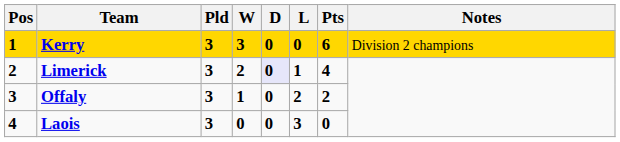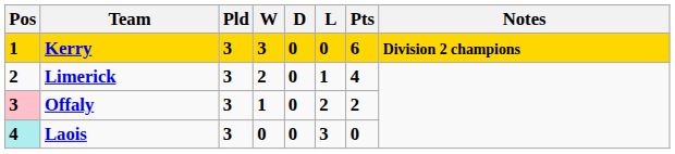 <table class="wikitable" style="text-align: centre;">
 <tr>
 <th width=20>Pos</th>
 <th width=150>Team</th>
 <th width=20>Pld</th>
 <th width=20>W</th>
 <th width=20>D</th>
 <th width=20>L</th>
 <th width=20>Pts</th>
 <th width=250>Notes</th>
 </tr>
 <tr style="background:gold;">
 <td><strong>1</strong></td>
 <td align=left><strong> <a href='#'>Kerry</a> </strong></td>
 <td><strong>3</strong></td>
 <td><strong>3</strong></td>
 <td><strong>0</strong></td>
 <td><strong>0</strong></td>
 <td><strong>6</strong></td>
-<td><small> Division 2 champions</small></td>
+<td><strong><small> Division 2 champions</small></strong></td>
 </tr>
 <tr style>
 <td><strong>2</strong></td>
 <td align=left><strong> <a href='#'>Limerick</a> </strong></td>
 <td><strong>3</strong></td>
 <td><strong>2</strong></td>
-<td style="background: lavender;"><strong>0</strong></td>
+<td><strong>0</strong></td>
 <td><strong>1</strong></td>
 <td><strong>4</strong></td>
 </tr>
 <tr>
-<td><strong>3</strong></td>
+<td style="background: pink;"><strong>3</strong></td>
 <td align=left><strong> <a href='#'>Offaly</a> </strong></td>
 <td><strong>3</strong></td>
 <td><strong>1</strong></td>
 <td><strong>0</strong></td>
 <td><strong>2</strong></td>
 <td><strong>2</strong></td>
 </tr>
 <tr style>
-<td><strong>4</strong></td>
+<td style="background: paleturquoise;"><strong>4</strong></td>
 <td align=left><strong> <a href='#'>Laois</a> </strong></td>
 <td><strong>3</strong></td>
 <td><strong>0</strong></td>
 <td><strong>0</strong></td>
 <td><strong>3</strong></td>
 <td><strong>0</strong></td>
 </tr>
 </table>
